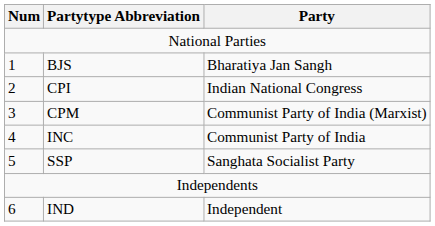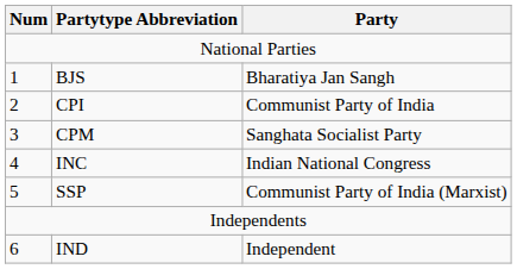 <table class="wikitable">
 <tr>
 <th>Num</th>
 <th>Partytype Abbreviation</th>
 <th>Party</th>
 </tr>
 <tr>
 <td colspan=3; style="text-align: center;">National Parties</td>
 </tr>
 <tr>
 <td>1</td>
 <td>BJS</td>
 <td>Bharatiya Jan Sangh</td>
 </tr>
 <tr>
 <td>2</td>
 <td>CPI</td>
-<td>Indian National Congress</td>
+<td>Communist Party of India</td>
 </tr>
 <tr>
 <td>3</td>
 <td>CPM</td>
-<td>Communist Party of India (Marxist)</td>
+<td>Sanghata Socialist Party</td>
 </tr>
 <tr>
 <td>4</td>
 <td>INC</td>
-<td>Communist Party of India</td>
+<td>Indian National Congress</td>
 </tr>
 <tr>
 <td>5</td>
 <td>SSP</td>
-<td>Sanghata Socialist Party</td>
+<td>Communist Party of India (Marxist)</td>
 </tr>
 <tr>
 <td colspan=3; style="text-align: center;">Independents</td>
 </tr>
 <tr>
 <td>6</td>
 <td>IND</td>
 <td>Independent</td>
 </tr>
 </table>
